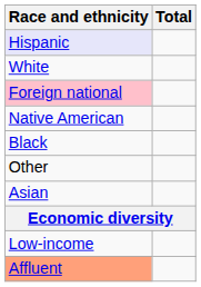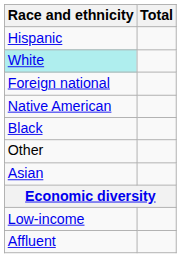 <table class="wikitable floatright sortable collapsible"; text-align:right; font-size:80%;">
 <tr>
 <th>Race and ethnicity</th>
 <th colspan="2" data-sort-type=number>Total</th>
 </tr>
 <tr>
-<td style="background: lavender;"><a href='#'>Hispanic</a></td>
+<td><a href='#'>Hispanic</a></td>
 <td align=right></td>
 </tr>
 <tr>
-<td><a href='#'>White</a></td>
+<td style="background: paleturquoise;"><a href='#'>White</a></td>
 <td align=right></td>
 </tr>
 <tr>
-<td style="background: pink;"><a href='#'>Foreign national</a></td>
+<td><a href='#'>Foreign national</a></td>
 <td align=right></td>
 </tr>
 <tr>
 <td><a href='#'>Native American</a></td>
 <td align=right></td>
 </tr>
 <tr>
 <td><a href='#'>Black</a></td>
 <td align=right></td>
 </tr>
 <tr>
 <td>Other</td>
 <td align=right></td>
 </tr>
 <tr>
 <td><a href='#'>Asian</a></td>
 <td align=right></td>
 </tr>
 <tr>
 <th colspan="4" data-sort-type=number><a href='#'>Economic diversity</a></th>
 </tr>
 <tr>
 <td><a href='#'>Low-income</a></td>
 <td align=right></td>
 </tr>
 <tr>
-<td style="background: lightsalmon;"><a href='#'>Affluent</a></td>
+<td><a href='#'>Affluent</a></td>
 <td align=right></td>
 </tr>
 </table>
